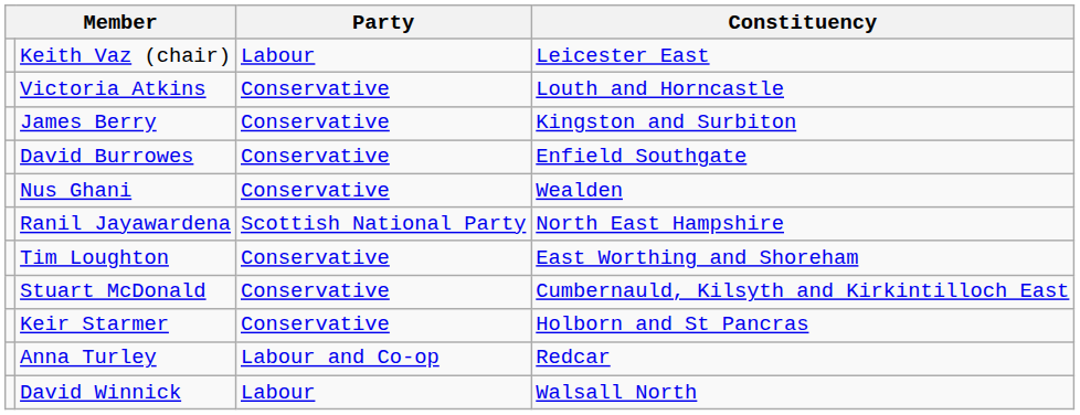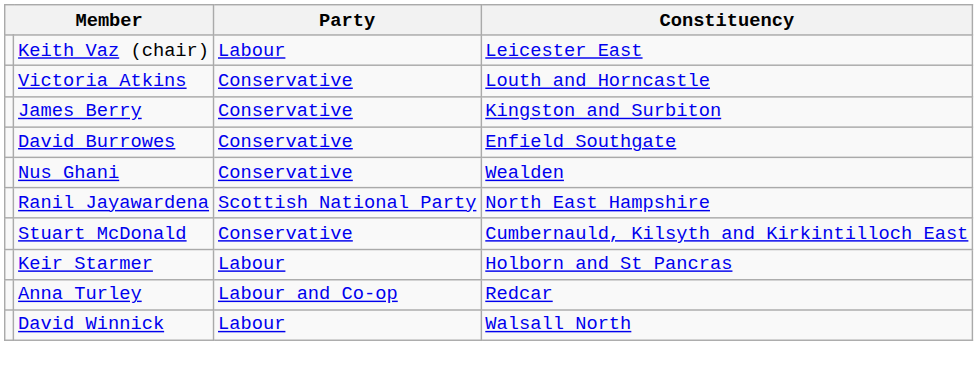 <table class="wikitable">
 <tr>
 <th colspan="2" valign="top">Member</th>
 <th valign="top">Party</th>
 <th valign="top">Constituency</th>
 </tr>
 <tr>
 <td style="color:inherit;background:"></td>
 <td><a href='#'>Keith Vaz</a> (chair)</td>
 <td><a href='#'>Labour</a></td>
 <td><a href='#'>Leicester East</a></td>
 </tr>
 <tr>
 <td style="color:inherit;background:"></td>
 <td><a href='#'>Victoria Atkins</a></td>
 <td><a href='#'>Conservative</a></td>
 <td><a href='#'>Louth and Horncastle</a></td>
 </tr>
 <tr>
 <td style="color:inherit;background:"></td>
 <td><a href='#'>James Berry</a></td>
 <td><a href='#'>Conservative</a></td>
 <td><a href='#'>Kingston and Surbiton</a></td>
 </tr>
 <tr>
 <td style="color:inherit;background:"></td>
 <td><a href='#'>David Burrowes</a></td>
 <td><a href='#'>Conservative</a></td>
 <td><a href='#'>Enfield Southgate</a></td>
 </tr>
 <tr>
 <td style="color:inherit;background:"></td>
 <td><a href='#'>Nus Ghani</a></td>
 <td><a href='#'>Conservative</a></td>
 <td><a href='#'>Wealden</a></td>
 </tr>
 <tr>
 <td style="color:inherit;background:"></td>
 <td><a href='#'>Ranil Jayawardena</a></td>
 <td><a href='#'>Scottish National Party</a></td>
 <td><a href='#'>North East Hampshire</a></td>
 </tr>
 <tr>
 <td style="color:inherit;background:"></td>
-<td><a href='#'>Tim Loughton</a></td>
-<td><a href='#'>Conservative</a></td>
-<td><a href='#'>East Worthing and Shoreham</a></td>
-</tr>
-<tr>
-<td style="color:inherit;background:"></td>
 <td><a href='#'>Stuart McDonald</a></td>
 <td><a href='#'>Conservative</a></td>
 <td><a href='#'>Cumbernauld, Kilsyth and Kirkintilloch East</a></td>
 </tr>
 <tr>
 <td style="color:inherit;background:"></td>
 <td><a href='#'>Keir Starmer</a></td>
-<td><a href='#'>Conservative</a></td>
+<td><a href='#'>Labour</a></td>
 <td><a href='#'>Holborn and St Pancras</a></td>
 </tr>
 <tr>
 <td style="color:inherit;background:"></td>
 <td><a href='#'>Anna Turley</a></td>
 <td><a href='#'>Labour and Co-op</a></td>
 <td><a href='#'>Redcar</a></td>
 </tr>
 <tr>
 <td style="color:inherit;background:"></td>
 <td><a href='#'>David Winnick</a></td>
 <td><a href='#'>Labour</a></td>
 <td><a href='#'>Walsall North</a></td>
 </tr>
 </table>
